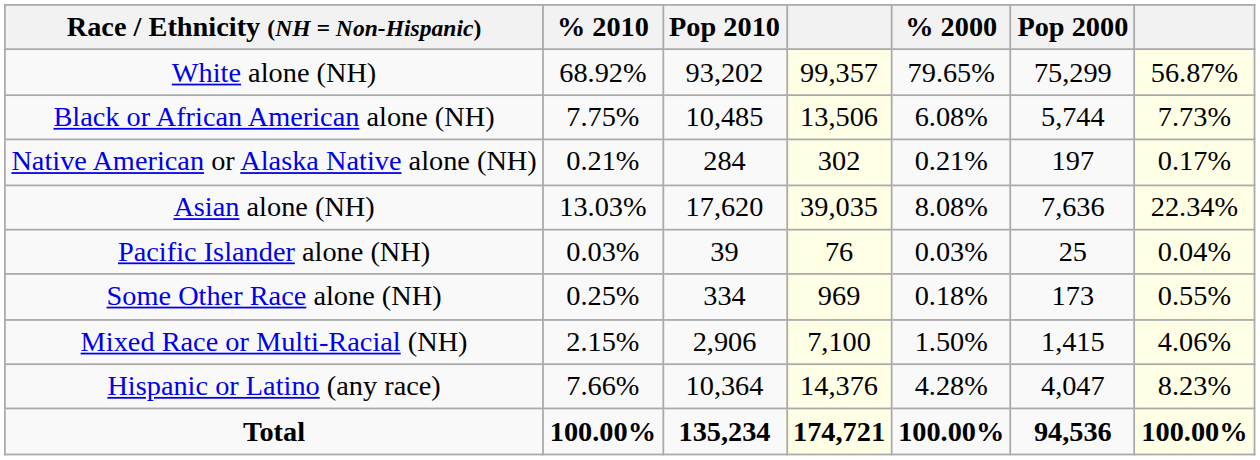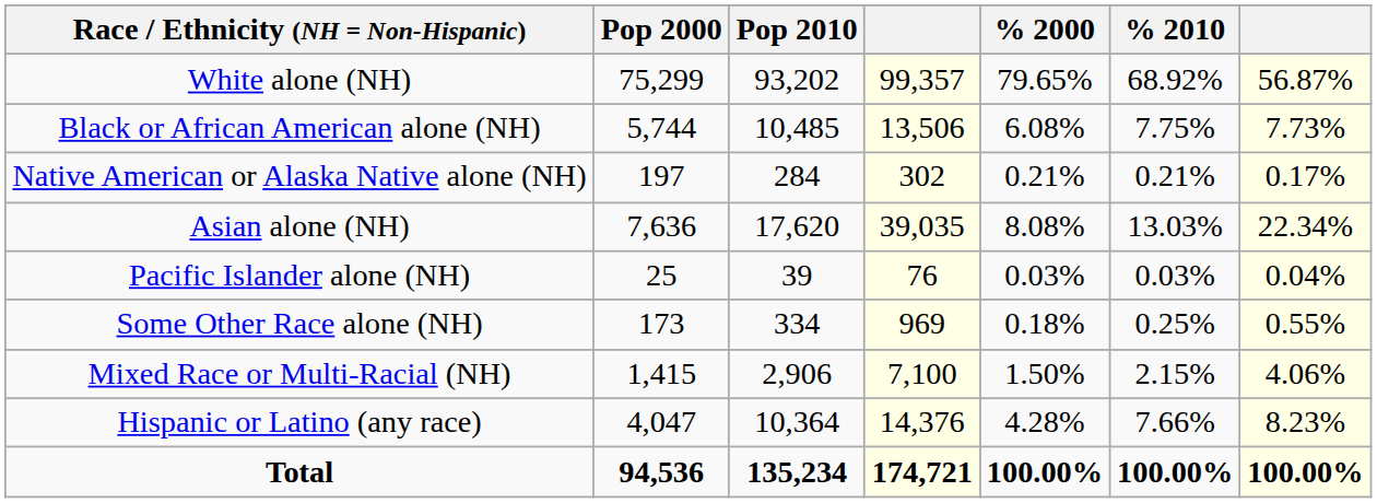 <table class="wikitable" style="text-align:center;">
 <tr>
 <th>Race / Ethnicity <small>(<em>NH = Non-Hispanic</em>)</small></th>
-<th>% 2010</th>
+<th>Pop 2000</th>
 <th>Pop 2010</th>
 <th></th>
 <th>% 2000</th>
-<th>Pop 2000</th>
+<th>% 2010</th>
 <th></th>
 </tr>
 <tr>
 <td><a href='#'>White</a> alone (NH)</td>
-<td>68.92%</td>
+<td>75,299</td>
 <td>93,202</td>
 <td style='background: #ffffe6;'>99,357</td>
 <td>79.65%</td>
-<td>75,299</td>
+<td>68.92%</td>
 <td style='background: #ffffe6;'>56.87%</td>
 </tr>
 <tr>
 <td><a href='#'>Black or African American</a> alone (NH)</td>
-<td>7.75%</td>
+<td>5,744</td>
 <td>10,485</td>
 <td style='background: #ffffe6;'>13,506</td>
 <td>6.08%</td>
-<td>5,744</td>
+<td>7.75%</td>
 <td style='background: #ffffe6;'>7.73%</td>
 </tr>
 <tr>
 <td><a href='#'>Native American</a> or <a href='#'>Alaska Native</a> alone (NH)</td>
-<td>0.21%</td>
+<td>197</td>
 <td>284</td>
 <td style='background: #ffffe6;'>302</td>
 <td>0.21%</td>
-<td>197</td>
+<td>0.21%</td>
 <td style='background: #ffffe6;'>0.17%</td>
 </tr>
 <tr>
 <td><a href='#'>Asian</a> alone (NH)</td>
-<td>13.03%</td>
+<td>7,636</td>
 <td>17,620</td>
 <td style='background: #ffffe6;'>39,035</td>
 <td>8.08%</td>
-<td>7,636</td>
+<td>13.03%</td>
 <td style='background: #ffffe6;'>22.34%</td>
 </tr>
 <tr>
 <td><a href='#'>Pacific Islander</a> alone (NH)</td>
-<td>0.03%</td>
+<td>25</td>
 <td>39</td>
 <td style='background: #ffffe6;'>76</td>
 <td>0.03%</td>
-<td>25</td>
+<td>0.03%</td>
 <td style='background: #ffffe6;'>0.04%</td>
 </tr>
 <tr>
 <td><a href='#'>Some Other Race</a> alone (NH)</td>
-<td>0.25%</td>
+<td>173</td>
 <td>334</td>
 <td style='background: #ffffe6;'>969</td>
 <td>0.18%</td>
-<td>173</td>
+<td>0.25%</td>
 <td style='background: #ffffe6;'>0.55%</td>
 </tr>
 <tr>
 <td><a href='#'>Mixed Race or Multi-Racial</a> (NH)</td>
-<td>2.15%</td>
+<td>1,415</td>
 <td>2,906</td>
 <td style='background: #ffffe6;'>7,100</td>
 <td>1.50%</td>
-<td>1,415</td>
+<td>2.15%</td>
 <td style='background: #ffffe6;'>4.06%</td>
 </tr>
 <tr>
 <td><a href='#'>Hispanic or Latino</a> (any race)</td>
-<td>7.66%</td>
+<td>4,047</td>
 <td>10,364</td>
 <td style='background: #ffffe6;'>14,376</td>
 <td>4.28%</td>
-<td>4,047</td>
+<td>7.66%</td>
 <td style='background: #ffffe6;'>8.23%</td>
 </tr>
 <tr>
 <td><strong>Total</strong></td>
-<td><strong>100.00%</strong></td>
+<td><strong>94,536</strong></td>
 <td><strong>135,234</strong></td>
 <td style='background: #ffffe6;'><strong>174,721</strong></td>
 <td><strong>100.00%</strong></td>
-<td><strong>94,536</strong></td>
+<td><strong>100.00%</strong></td>
 <td style='background: #ffffe6;'><strong>100.00%</strong></td>
 </tr>
 </table>
